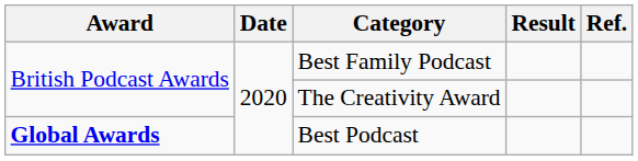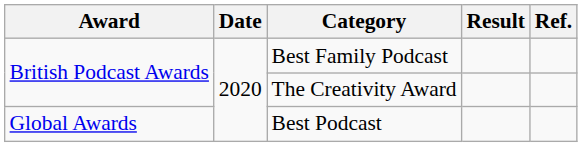 <table class="wikitable sortable">
 <tr>
 <th>Award</th>
 <th>Date</th>
 <th>Category</th>
 <th>Result</th>
 <th>Ref.</th>
 </tr>
 <tr>
 <td rowspan="2"><a href='#'>British Podcast Awards</a></td>
 <td rowspan="3">2020</td>
 <td>Best Family Podcast</td>
 <td></td>
 <td></td>
 </tr>
 <tr>
 <td>The Creativity Award</td>
 <td></td>
 <td></td>
 </tr>
 <tr>
-<td><strong><a href='#'>Global Awards</a></strong></td>
+<td><a href='#'>Global Awards</a></td>
 <td>Best Podcast</td>
 <td></td>
 <td></td>
 </tr>
 </table>
